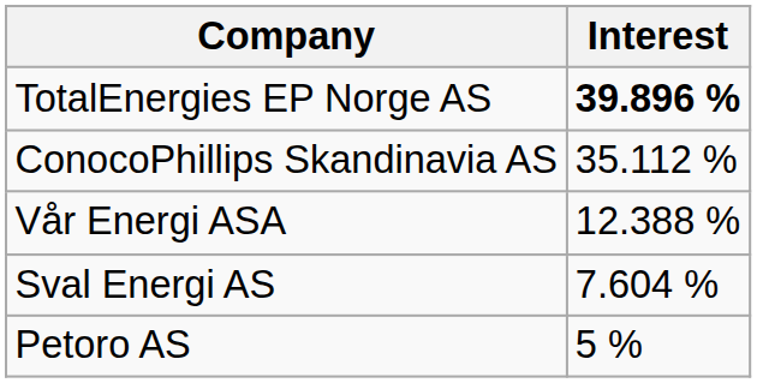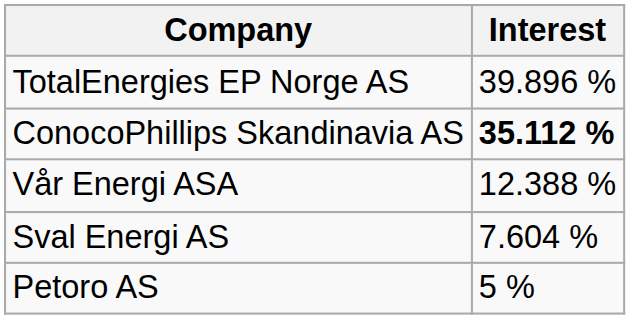 <table class="wikitable">
 <tr>
 <th>Company</th>
 <th>Interest</th>
 </tr>
 <tr>
 <td>TotalEnergies  EP Norge AS</td>
-<td><strong>39.896 %</strong></td>
+<td>39.896 %</td>
 </tr>
 <tr>
 <td>ConocoPhillips  Skandinavia AS</td>
-<td>35.112 %</td>
+<td><strong>35.112 %</strong></td>
 </tr>
 <tr>
 <td>Vår  Energi ASA</td>
 <td>12.388 %</td>
 </tr>
 <tr>
 <td>Sval  Energi AS</td>
 <td>7.604 %</td>
 </tr>
 <tr>
 <td>Petoro AS</td>
 <td>5 %</td>
 </tr>
 </table>
